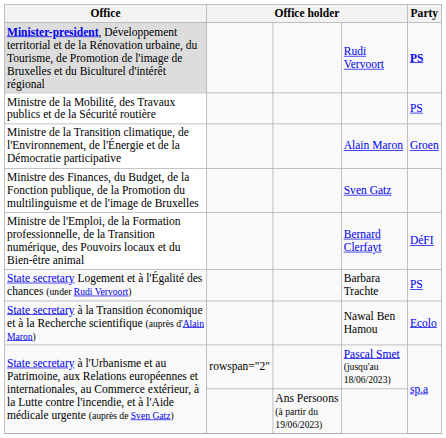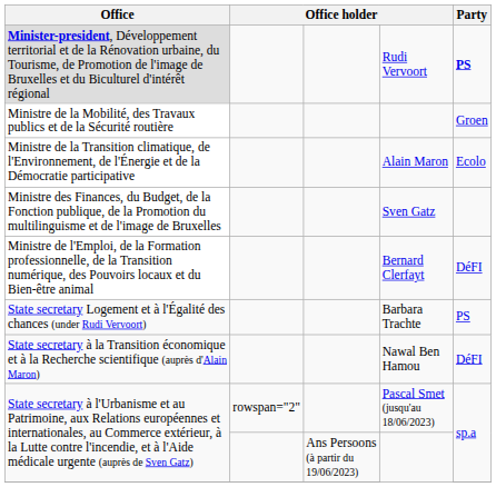 <table class="wikitable">
 <tr>
 <th>Office</th>
 <th colspan="3">Office holder</th>
 <th>Party</th>
 </tr>
 <tr>
 <td bgcolor="#DDDDDD"><strong><a href='#'>Minister-president</a></strong>, Développement territorial et de la Rénovation urbaine, du Tourisme, de Promotion de l'image de Bruxelles et du Biculturel d'intérêt régional</td>
 <td></td>
 <td></td>
 <td><a href='#'>Rudi Vervoort</a></td>
 <td><strong><a href='#'>PS</a></strong></td>
 </tr>
 <tr>
 <td bgcolor="#FFFFFF">Ministre de la Mobilité, des Travaux publics et de la Sécurité routière</td>
 <td></td>
 <td></td>
 <td></td>
-<td><a href='#'>PS</a></td>
+<td><a href='#'>Groen</a></td>
 </tr>
 <tr>
 <td bgcolor="#FFFFFF">Ministre de la Transition climatique, de l'Environnement, de l'Énergie et de la Démocratie participative</td>
 <td></td>
 <td></td>
 <td><a href='#'>Alain Maron</a></td>
-<td><a href='#'>Groen</a></td>
+<td><a href='#'>Ecolo</a></td>
 </tr>
 <tr>
 <td bgcolor="#FFFFFF">Ministre des Finances, du Budget, de la Fonction publique, de la Promotion du multilinguisme et de l'image de Bruxelles</td>
 <td></td>
 <td></td>
 <td><a href='#'>Sven Gatz</a></td>
 <td></td>
 </tr>
 <tr>
 <td bgcolor="#FFFFFF">Ministre de l'Emploi, de la Formation professionnelle, de la Transition numérique, des Pouvoirs locaux et du Bien-être animal</td>
 <td></td>
 <td></td>
 <td><a href='#'>Bernard Clerfayt</a></td>
 <td><a href='#'>DéFI</a></td>
 </tr>
 <tr>
 <td><a href='#'>State secretary</a> Logement et à l'Égalité des chances <small>(under <a href='#'>Rudi Vervoort</a>)</small></td>
 <td></td>
 <td></td>
 <td>Barbara Trachte</td>
 <td><a href='#'>PS</a></td>
 </tr>
 <tr>
 <td><a href='#'>State secretary</a> à la Transition économique et à la Recherche scientifique <small>(auprès d'<a href='#'>Alain Maron</a>)</small></td>
 <td></td>
 <td></td>
 <td>Nawal Ben Hamou</td>
-<td><a href='#'>Ecolo</a></td>
+<td><a href='#'>DéFI</a></td>
 </tr>
 <tr>
 <td rowspan="2"><a href='#'>State secretary</a> à l'Urbanisme et au Patrimoine, aux Relations européennes et internationales, au Commerce extérieur, à la Lutte contre l'incendie, et à l'Aide médicale urgente <small>(auprès de <a href='#'>Sven Gatz</a>)</small></td>
 <td>rowspan="2" </td>
 <td></td>
 <td><a href='#'>Pascal Smet</a> <small>(jusqu'au 18/06/2023)</small></td>
 <td rowspan="2"><a href='#'>sp.a</a></td>
 </tr>
 <tr>
 <td></td>
 <td>Ans Persoons <small>(à partir du 19/06/2023)</small></td>
 </tr>
 <tr>
 </tr>
 </table>
